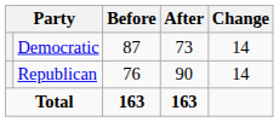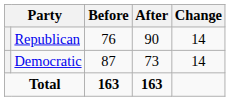 <table class="wikitable" style="text-align:center;">
 <tr>
 <th colspan="2">Party</th>
 <th>Before</th>
 <th>After</th>
 <th>Change</th>
 </tr>
 <tr>
 <th style="background-color:"></th>
-<td style="text-align:left;"><a href='#'>Democratic</a></td>
-<td>87</td>
-<td>73</td>
+<td style="text-align:left;"><a href='#'>Republican</a></td>
+<td>76</td>
+<td>90</td>
 <td> 14</td>
 </tr>
 <tr>
 <th style="background-color:"></th>
-<td style="text-align:left;"><a href='#'>Republican</a></td>
-<td>76</td>
-<td>90</td>
+<td style="text-align:left;"><a href='#'>Democratic</a></td>
+<td>87</td>
+<td>73</td>
 <td> 14</td>
 </tr>
 <tr>
 <td colspan="2"><strong>Total</strong></td>
 <td><strong>163</strong></td>
 <td><strong>163</strong></td>
 <td></td>
 </tr>
 </table>
